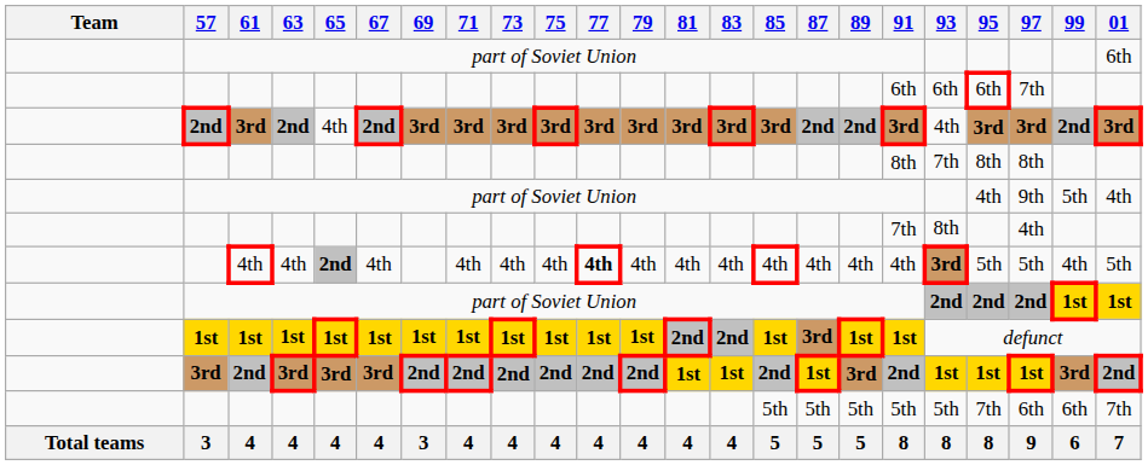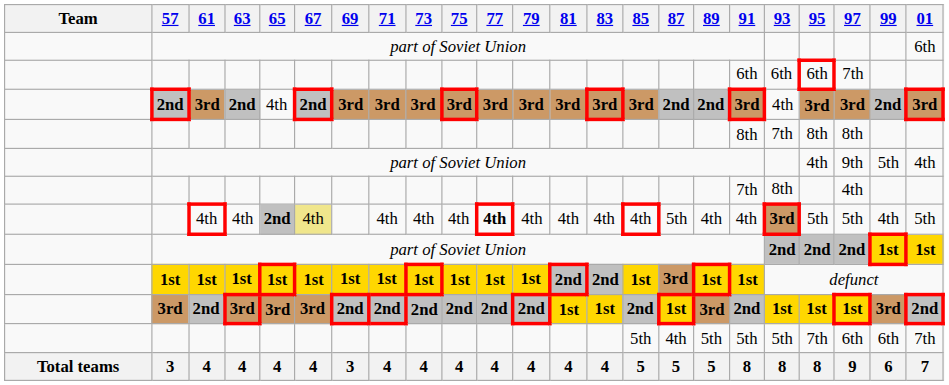 <table class="wikitable sortable" style="text-align:center; font-size:90%">
 <tr>
 <th style="width: 120px;">Team</th>
 <th><a href='#'>57</a></th>
 <th><a href='#'>61</a></th>
 <th><a href='#'>63</a></th>
 <th><a href='#'>65</a></th>
 <th><a href='#'>67</a></th>
 <th><a href='#'>69</a></th>
 <th><a href='#'>71</a></th>
 <th><a href='#'>73</a></th>
 <th><a href='#'>75</a></th>
 <th><a href='#'>77</a></th>
 <th><a href='#'>79</a></th>
 <th><a href='#'>81</a></th>
 <th><a href='#'>83</a></th>
 <th><a href='#'>85</a></th>
 <th><a href='#'>87</a></th>
 <th><a href='#'>89</a></th>
 <th><a href='#'>91</a></th>
 <th><a href='#'>93</a></th>
 <th><a href='#'>95</a></th>
 <th><a href='#'>97</a></th>
 <th><a href='#'>99</a></th>
 <th><a href='#'>01</a></th>
 </tr>
 <tr>
 <td align=left></td>
 <td colspan="17"><em>part of Soviet Union</em></td>
 <td></td>
 <td></td>
 <td></td>
 <td></td>
 <td>6th</td>
 </tr>
 <tr>
 <td align=left></td>
 <td></td>
 <td></td>
 <td></td>
 <td></td>
 <td></td>
 <td></td>
 <td></td>
 <td></td>
 <td></td>
 <td></td>
 <td></td>
 <td></td>
 <td></td>
 <td></td>
 <td></td>
 <td></td>
 <td>6th</td>
 <td>6th</td>
 <td style="border:3px solid red">6th</td>
 <td>7th</td>
 <td></td>
 <td></td>
 </tr>
 <tr>
 <td align=left></td>
 <td style="border:3px solid red" bgcolor=silver><strong>2nd</strong></td>
 <td bgcolor=cc9966><strong>3rd</strong></td>
 <td bgcolor=silver><strong>2nd</strong></td>
 <td>4th</td>
 <td style="border:3px solid red" bgcolor=silver><strong>2nd</strong></td>
 <td bgcolor=cc9966><strong>3rd</strong></td>
 <td bgcolor=cc9966><strong>3rd</strong></td>
 <td bgcolor=cc9966><strong>3rd</strong></td>
 <td style="border:3px solid red" bgcolor=cc9966><strong>3rd</strong></td>
 <td bgcolor=cc9966><strong>3rd</strong></td>
 <td bgcolor=cc9966><strong>3rd</strong></td>
 <td bgcolor=cc9966><strong>3rd</strong></td>
 <td style="border:3px solid red" bgcolor=cc9966><strong>3rd</strong></td>
 <td bgcolor=cc9966><strong>3rd</strong></td>
 <td bgcolor=silver><strong>2nd</strong></td>
 <td bgcolor=silver><strong>2nd</strong></td>
 <td style="border:3px solid red"  bgcolor=cc9966><strong>3rd</strong></td>
 <td>4th</td>
 <td bgcolor=cc9966><strong>3rd</strong></td>
 <td bgcolor=cc9966><strong>3rd</strong></td>
 <td bgcolor=silver><strong>2nd</strong></td>
 <td style="border:3px solid red" bgcolor=cc9966><strong>3rd</strong></td>
 </tr>
 <tr>
 <td align=left></td>
 <td></td>
 <td></td>
 <td></td>
 <td></td>
 <td></td>
 <td></td>
 <td></td>
 <td></td>
 <td></td>
 <td></td>
 <td></td>
 <td></td>
 <td></td>
 <td></td>
 <td></td>
 <td></td>
 <td>8th</td>
 <td>7th</td>
 <td>8th</td>
 <td>8th</td>
 <td></td>
 <td></td>
 </tr>
 <tr>
 <td align=left></td>
 <td colspan="17"><em>part of Soviet Union</em></td>
 <td></td>
 <td>4th</td>
 <td>9th</td>
 <td>5th</td>
 <td>4th</td>
 </tr>
 <tr>
 <td align=left></td>
 <td></td>
 <td></td>
 <td></td>
 <td></td>
 <td></td>
 <td></td>
 <td></td>
 <td></td>
 <td></td>
 <td></td>
 <td></td>
 <td></td>
 <td></td>
 <td></td>
 <td></td>
 <td></td>
 <td>7th</td>
 <td>8th</td>
 <td></td>
 <td>4th</td>
 <td></td>
 <td></td>
 </tr>
 <tr>
 <td align=left></td>
 <td></td>
 <td style="border:3px solid red">4th</td>
 <td>4th</td>
 <td bgcolor=silver><strong>2nd</strong></td>
-<td>4th</td>
+<td style="background: khaki;">4th</td>
 <td></td>
 <td>4th</td>
 <td>4th</td>
 <td>4th</td>
 <td style="border:3px solid red"><strong>4th</strong></td>
 <td>4th</td>
 <td>4th</td>
 <td>4th</td>
 <td style="border:3px solid red">4th</td>
-<td>4th</td>
+<td>5th</td>
 <td>4th</td>
 <td>4th</td>
 <td style="border:3px solid red" bgcolor=cc9966><strong>3rd</strong></td>
 <td>5th</td>
 <td>5th</td>
 <td>4th</td>
 <td>5th</td>
 </tr>
 <tr>
 <td align=left></td>
 <td colspan="17"><em>part of Soviet Union</em></td>
 <td bgcolor=silver><strong>2nd</strong></td>
 <td bgcolor=silver><strong>2nd</strong></td>
 <td bgcolor=silver><strong>2nd</strong></td>
 <td style="border:3px solid red" bgcolor=gold><strong>1st</strong></td>
 <td bgcolor=gold><strong>1st</strong></td>
 </tr>
 <tr>
 <td align=left></td>
 <td bgcolor=gold><strong>1st</strong></td>
 <td bgcolor=gold><strong>1st</strong></td>
 <td bgcolor=gold><strong>1st</strong></td>
 <td style="border:3px solid red" bgcolor=gold><strong>1st</strong></td>
 <td bgcolor=gold><strong>1st</strong></td>
 <td bgcolor=gold><strong>1st</strong></td>
 <td bgcolor=gold><strong>1st</strong></td>
 <td style="border:3px solid red" bgcolor=gold><strong>1st</strong></td>
 <td bgcolor=gold><strong>1st</strong></td>
 <td bgcolor=gold><strong>1st</strong></td>
 <td bgcolor=gold><strong>1st</strong></td>
 <td style="border:3px solid red" bgcolor=silver><strong>2nd</strong></td>
 <td bgcolor=silver><strong>2nd</strong></td>
 <td bgcolor=gold><strong>1st</strong></td>
 <td bgcolor=cc9966><strong>3rd</strong></td>
 <td style="border:3px solid red" bgcolor=gold><strong>1st</strong></td>
 <td bgcolor=gold><strong>1st</strong></td>
 <td colspan="5"><em>defunct</em></td>
 </tr>
 <tr>
 <td align=left></td>
 <td bgcolor=cc9966><strong>3rd</strong></td>
 <td bgcolor=silver><strong>2nd</strong></td>
 <td style="border:3px solid red" bgcolor=cc9966><strong>3rd</strong></td>
 <td bgcolor=cc9966><strong>3rd</strong></td>
 <td bgcolor=cc9966><strong>3rd</strong></td>
 <td style="border:3px solid red" bgcolor=silver><strong>2nd</strong></td>
 <td style="border:3px solid red" bgcolor=silver><strong>2nd</strong></td>
 <td bgcolor=silver><strong>2nd</strong></td>
 <td bgcolor=silver><strong>2nd</strong></td>
 <td bgcolor=silver><strong>2nd</strong></td>
 <td style="border:3px solid red" bgcolor=silver><strong>2nd</strong></td>
 <td bgcolor=gold><strong>1st</strong></td>
 <td bgcolor=gold><strong>1st</strong></td>
 <td bgcolor=silver><strong>2nd</strong></td>
 <td style="border:3px solid red" bgcolor=gold><strong>1st</strong></td>
 <td bgcolor=cc9966><strong>3rd</strong></td>
 <td bgcolor=silver><strong>2nd</strong></td>
 <td bgcolor=gold><strong>1st</strong></td>
 <td bgcolor=gold><strong>1st</strong></td>
 <td style="border:3px solid red" bgcolor=gold><strong>1st</strong></td>
 <td bgcolor=cc9966><strong>3rd</strong></td>
 <td style="border:3px solid red" bgcolor=silver><strong>2nd</strong></td>
 </tr>
 <tr>
 <td align=left></td>
 <td></td>
 <td></td>
 <td></td>
 <td></td>
 <td></td>
 <td></td>
 <td></td>
 <td></td>
 <td></td>
 <td></td>
 <td></td>
 <td></td>
 <td></td>
 <td>5th</td>
-<td>5th</td>
+<td>4th</td>
 <td>5th</td>
 <td>5th</td>
 <td>5th</td>
 <td>7th</td>
 <td>6th</td>
 <td>6th</td>
 <td>7th</td>
 </tr>
 <tr style="background:#ddd" class="sortbottom">
 <th align=left>Total teams</th>
 <th>3</th>
 <th>4</th>
 <th>4</th>
 <th>4</th>
 <th>4</th>
 <th>3</th>
 <th>4</th>
 <th>4</th>
 <th>4</th>
 <th>4</th>
 <th>4</th>
 <th>4</th>
 <th>4</th>
 <th>5</th>
 <th>5</th>
 <th>5</th>
 <th>8</th>
 <th>8</th>
 <th>8</th>
 <th>9</th>
 <th>6</th>
 <th>7</th>
 </tr>
 </table>
